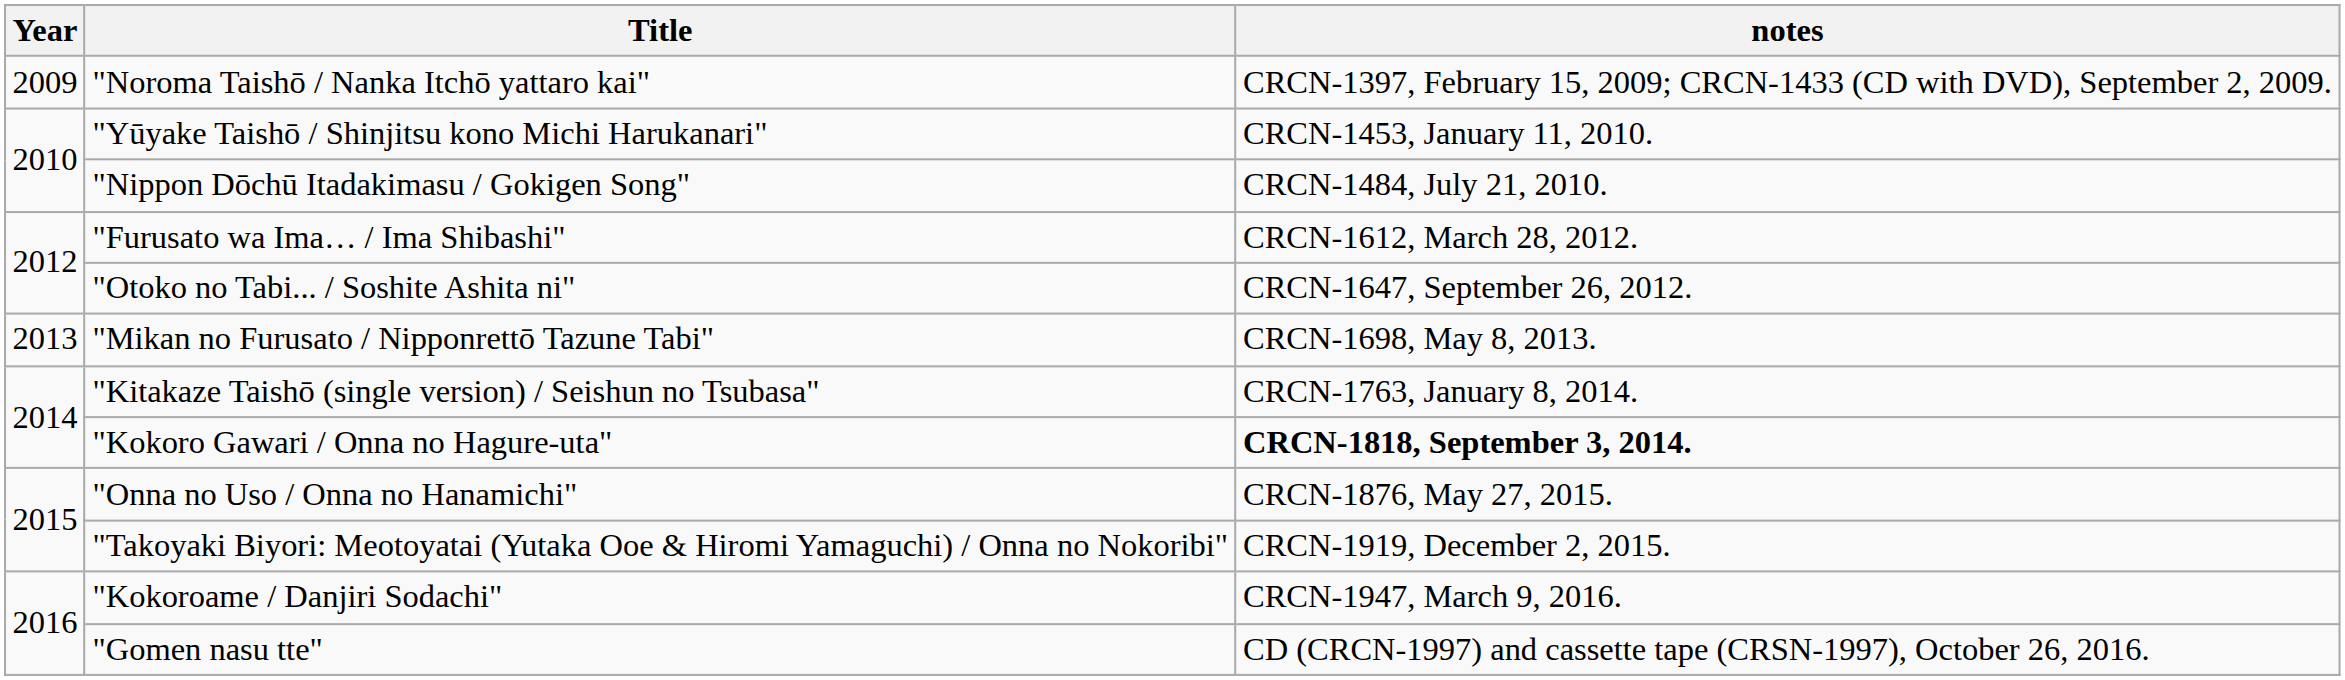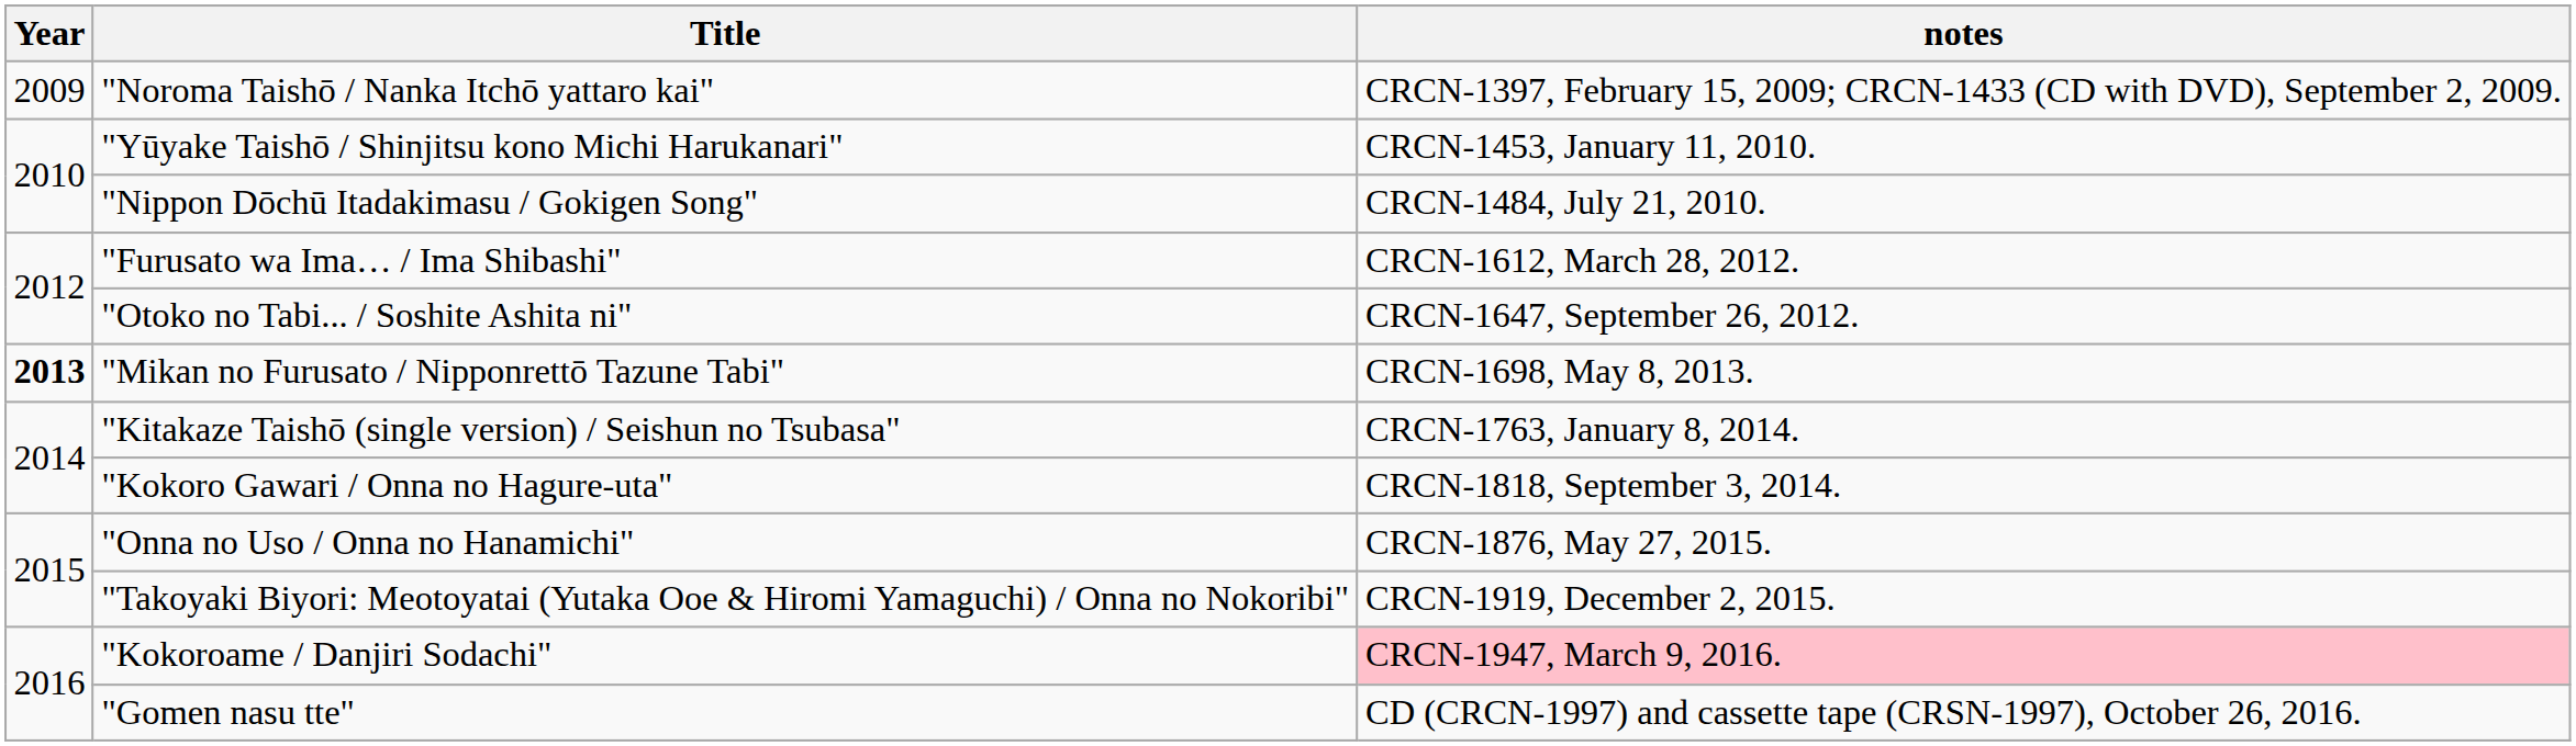 <table class="wikitable">
 <tr>
 <th>Year</th>
 <th>Title</th>
 <th>notes</th>
 </tr>
 <tr>
 <td>2009</td>
 <td>"Noroma Taishō / Nanka Itchō yattaro kai"</td>
 <td>CRCN-1397, February 15, 2009; CRCN-1433 (CD with DVD), September 2, 2009.</td>
 </tr>
 <tr>
 <td rowspan="2">2010</td>
 <td>"Yūyake Taishō / Shinjitsu kono Michi Harukanari"</td>
 <td>CRCN-1453, January 11, 2010.</td>
 </tr>
 <tr>
 <td>"Nippon Dōchū Itadakimasu / Gokigen Song"</td>
 <td>CRCN-1484, July 21, 2010.</td>
 </tr>
 <tr>
 <td rowspan="2">2012</td>
 <td>"Furusato wa Ima… / Ima Shibashi"</td>
 <td>CRCN-1612, March 28, 2012.</td>
 </tr>
 <tr>
 <td>"Otoko no Tabi... / Soshite Ashita ni"</td>
 <td>CRCN-1647, September 26, 2012.</td>
 </tr>
 <tr>
-<td>2013</td>
+<td><strong>2013</strong></td>
 <td>"Mikan no Furusato / Nipponrettō Tazune Tabi"</td>
 <td>CRCN-1698, May 8, 2013.</td>
 </tr>
 <tr>
 <td rowspan="2">2014</td>
 <td>"Kitakaze Taishō (single version) / Seishun no Tsubasa"</td>
 <td>CRCN-1763, January 8, 2014.</td>
 </tr>
 <tr>
 <td>"Kokoro Gawari / Onna no Hagure-uta"</td>
-<td><strong>CRCN-1818, September 3, 2014.</strong></td>
+<td>CRCN-1818, September 3, 2014.</td>
 </tr>
 <tr>
 <td rowspan="2">2015</td>
 <td>"Onna no Uso / Onna no Hanamichi"</td>
 <td>CRCN-1876, May 27, 2015.</td>
 </tr>
 <tr>
 <td>"Takoyaki Biyori: Meotoyatai (Yutaka Ooe & Hiromi Yamaguchi) / Onna no Nokoribi"</td>
 <td>CRCN-1919, December 2, 2015.</td>
 </tr>
 <tr>
 <td rowspan="2">2016</td>
 <td>"Kokoroame / Danjiri Sodachi"</td>
-<td>CRCN-1947, March 9, 2016.</td>
+<td style="background: pink;">CRCN-1947, March 9, 2016.</td>
 </tr>
 <tr>
 <td>"Gomen nasu tte"</td>
 <td>CD (CRCN-1997) and cassette tape (CRSN-1997), October 26, 2016.</td>
 </tr>
 </table>
